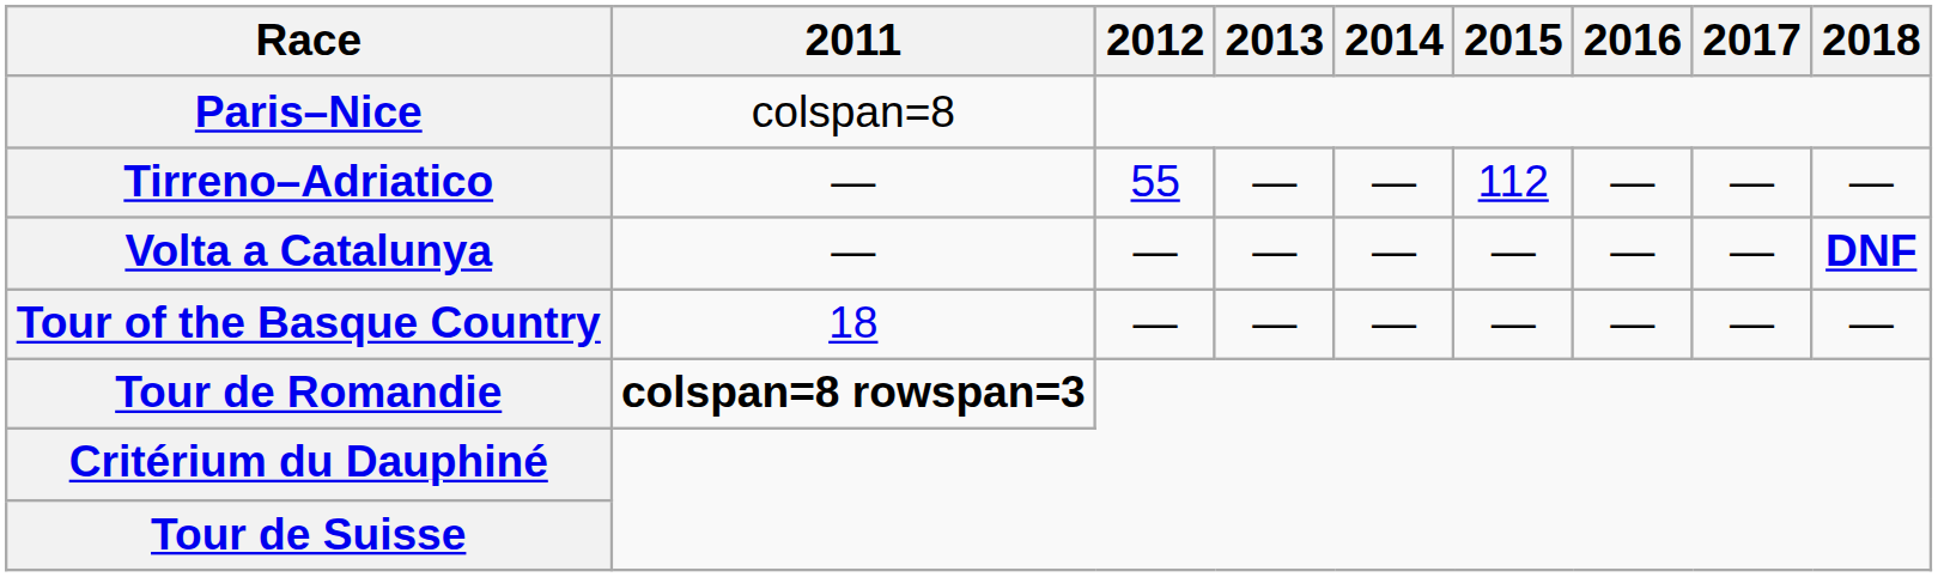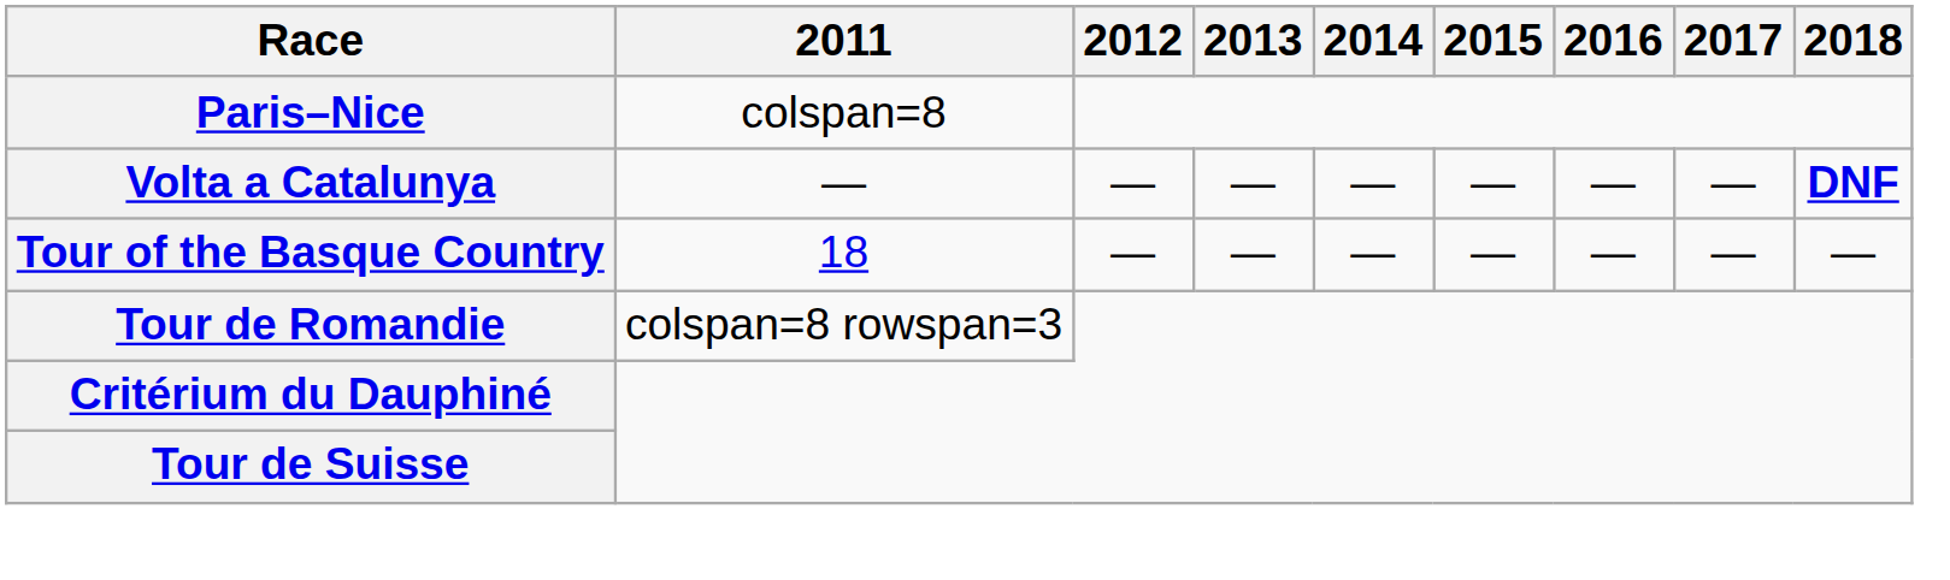 <table class="wikitable plainrowheaders">
 <tr>
 <th>Race</th>
 <th scope="col">2011</th>
 <th scope="col">2012</th>
 <th scope="col">2013</th>
 <th scope="col">2014</th>
 <th scope="col">2015</th>
 <th scope="col">2016</th>
 <th scope="col">2017</th>
 <th scope="col">2018</th>
 </tr>
 <tr style="text-align:center;">
 <th scope="row"><a href='#'>Paris–Nice</a></th>
 <td>colspan=8 </td>
-</tr>
-<tr style="text-align:center;">
-<th scope="row"><a href='#'>Tirreno–Adriatico</a></th>
-<td>—</td>
-<td><a href='#'>55</a></td>
-<td>—</td>
-<td>—</td>
-<td><a href='#'>112</a></td>
-<td>—</td>
-<td>—</td>
-<td>—</td>
 </tr>
 <tr style="text-align:center;">
 <th scope="row"><a href='#'>Volta a Catalunya</a></th>
 <td>—</td>
 <td>—</td>
 <td>—</td>
 <td>—</td>
 <td>—</td>
 <td>—</td>
 <td>—</td>
 <td><strong><a href='#'>DNF</a></strong></td>
 </tr>
 <tr style="text-align:center;">
 <th scope="row"><a href='#'>Tour of the Basque Country</a></th>
 <td><a href='#'>18</a></td>
 <td>—</td>
 <td>—</td>
 <td>—</td>
 <td>—</td>
 <td>—</td>
 <td>—</td>
 <td>—</td>
 </tr>
 <tr style="text-align:center;">
 <th scope="row"><a href='#'>Tour de Romandie</a></th>
-<td><strong>colspan=8 rowspan=3 </strong></td>
+<td>colspan=8 rowspan=3 </td>
 </tr>
 <tr style="text-align:center;">
 <th scope="row"><a href='#'>Critérium du Dauphiné</a></th>
 </tr>
 <tr style="text-align:center;">
 <th scope="row"><a href='#'>Tour de Suisse</a></th>
 </tr>
 </table>
